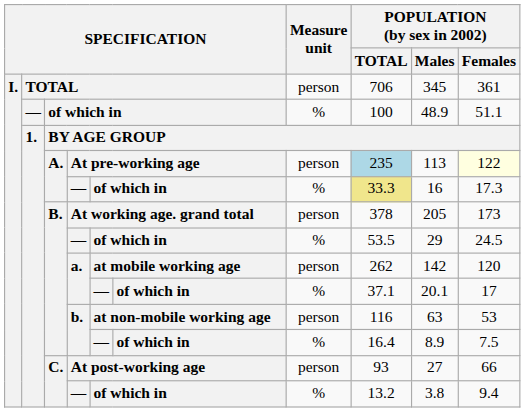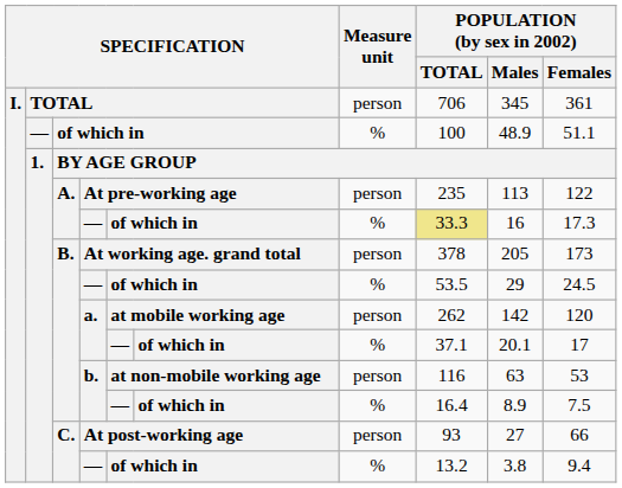 <table class="wikitable" style="font-size:85%; text-align:center">
 <tr>
 <th rowspan="2" colspan="6">SPECIFICATION</th>
 <th rowspan="2">Measure<br> unit</th>
 <th colspan="3" rowspan="1">POPULATION<br> (by sex in 2002)</th>
 </tr>
 <tr>
 <th>TOTAL</th>
 <th>Males</th>
 <th>Females</th>
 </tr>
 <tr>
 <th style="text-align:left" valign="top" rowspan="13">I.</th>
 <th style="text-align:left" colspan="5">TOTAL</th>
 <td>person</td>
 <td>706</td>
 <td>345</td>
 <td>361</td>
 </tr>
 <tr>
 <th style="text-align:left" valign="top">—</th>
 <th style="text-align:left" colspan="4">of which in</th>
 <td>%</td>
 <td>100</td>
 <td>48.9</td>
 <td>51.1</td>
 </tr>
 <tr>
 <th style="text-align:left" valign="top" rowspan="11">1.</th>
 <th style="text-align:left" colspan="19">BY AGE GROUP</th>
 </tr>
 <tr>
 <th style="text-align:left" valign="top" rowspan="2">A.</th>
 <th style="text-align:left" colspan="3">At pre-working age</th>
 <td>person</td>
-<td style="background: lightblue;">235</td>
+<td>235</td>
 <td>113</td>
-<td style="background: lightyellow;">122</td>
+<td>122</td>
 </tr>
 <tr>
 <th style="text-align:left" valign="top">—</th>
 <th style="text-align:left" valign="top" colspan="2">of which in</th>
 <td>%</td>
 <td style="background: khaki;">33.3</td>
 <td>16</td>
 <td>17.3</td>
 </tr>
 <tr>
 <th style="text-align:left" valign="top" rowspan="6">B.</th>
 <th style="text-align:left" colspan="3">At working age. grand total</th>
 <td>person</td>
 <td>378</td>
 <td>205</td>
 <td>173</td>
 </tr>
 <tr>
 <th style="text-align:left" valign="top">—</th>
 <th style="text-align:left" valign="top" colspan="2">of which in</th>
 <td>%</td>
 <td>53.5</td>
 <td>29</td>
 <td>24.5</td>
 </tr>
 <tr>
 <th style="text-align:left" valign="top" rowspan="2">a.</th>
 <th style="text-align:left" colspan="2">at mobile working age</th>
 <td>person</td>
 <td>262</td>
 <td>142</td>
 <td>120</td>
 </tr>
 <tr>
 <th style="text-align:left" valign="top">—</th>
 <th style="text-align:left" valign="top" colspan="1">of which in                        </th>
 <td>%</td>
 <td>37.1</td>
 <td>20.1</td>
 <td>17</td>
 </tr>
 <tr>
 <th style="text-align:left" valign="top" rowspan="2">b.</th>
 <th style="text-align:left" colspan="2">at non-mobile working age</th>
 <td>person</td>
 <td>116</td>
 <td>63</td>
 <td>53</td>
 </tr>
 <tr>
 <th style="text-align:left" valign="top">—</th>
 <th style="text-align:left" valign="top" colspan="1">of which in                        </th>
 <td>%</td>
 <td>16.4</td>
 <td>8.9</td>
 <td>7.5</td>
 </tr>
 <tr>
 <th style="text-align:left" valign="top" rowspan="2">C.</th>
 <th style="text-align:left" colspan="3">At post-working age</th>
 <td>person</td>
 <td>93</td>
 <td>27</td>
 <td>66</td>
 </tr>
 <tr>
 <th style="text-align:left" valign="top">—</th>
 <th style="text-align:left" valign="top" colspan="2">of which in</th>
 <td>%</td>
 <td>13.2</td>
 <td>3.8</td>
 <td>9.4</td>
 </tr>
 </table>
